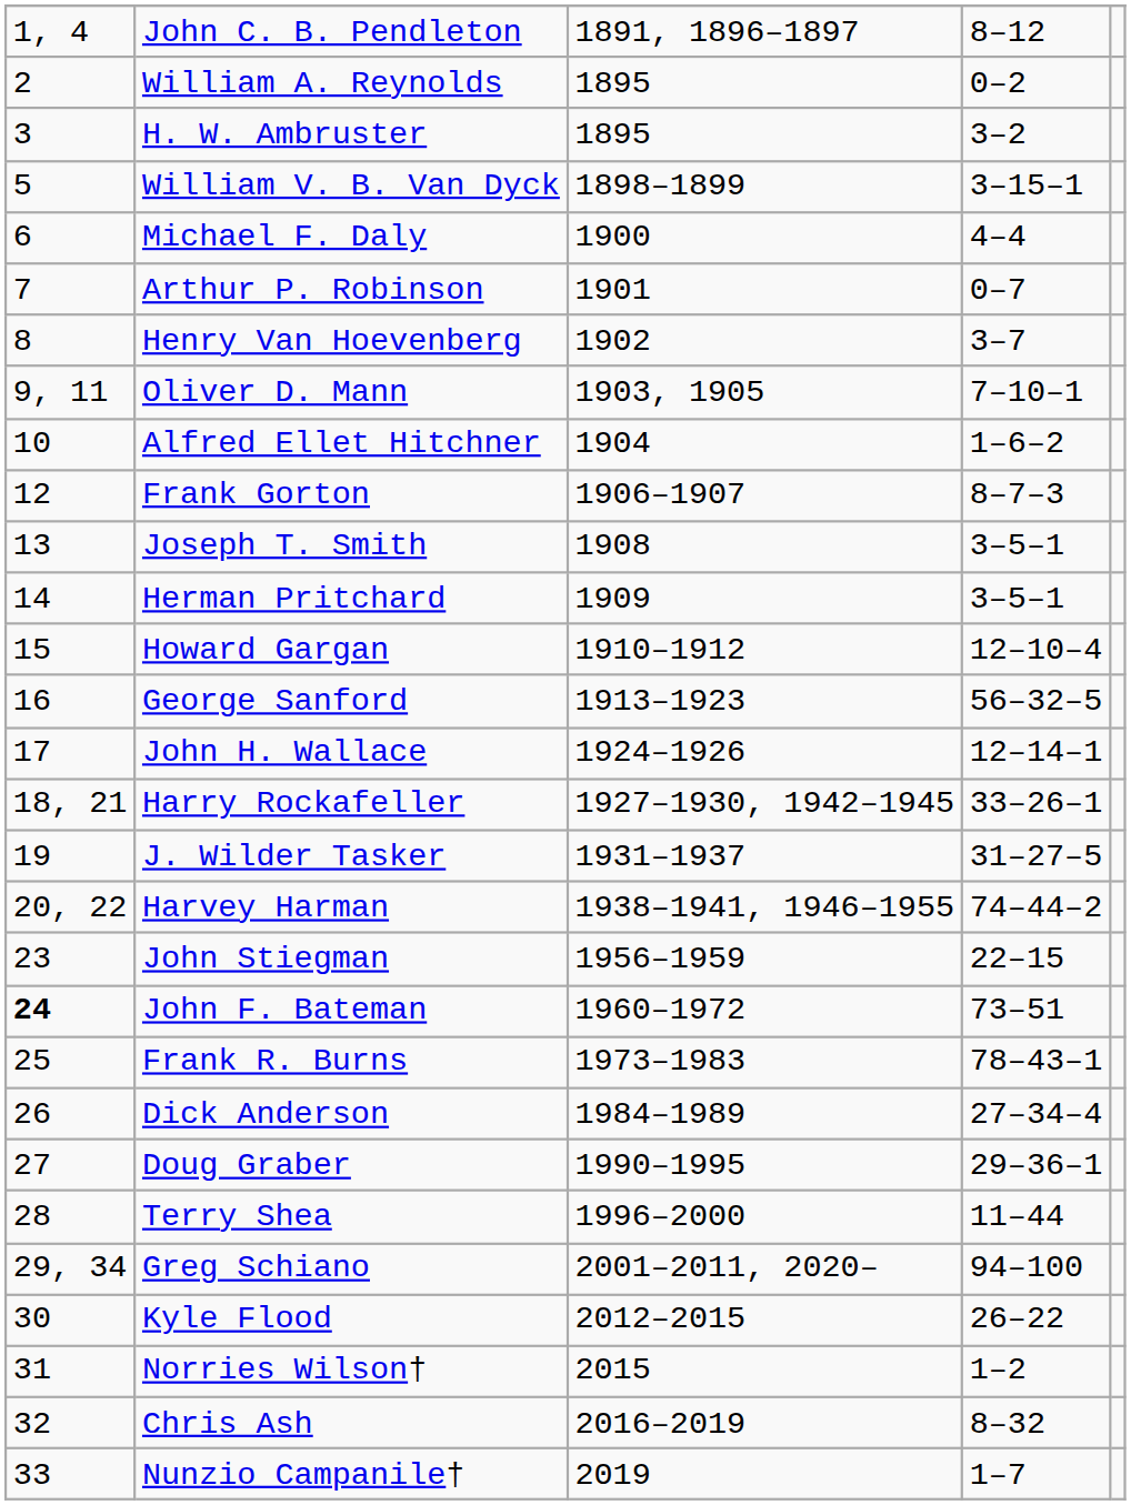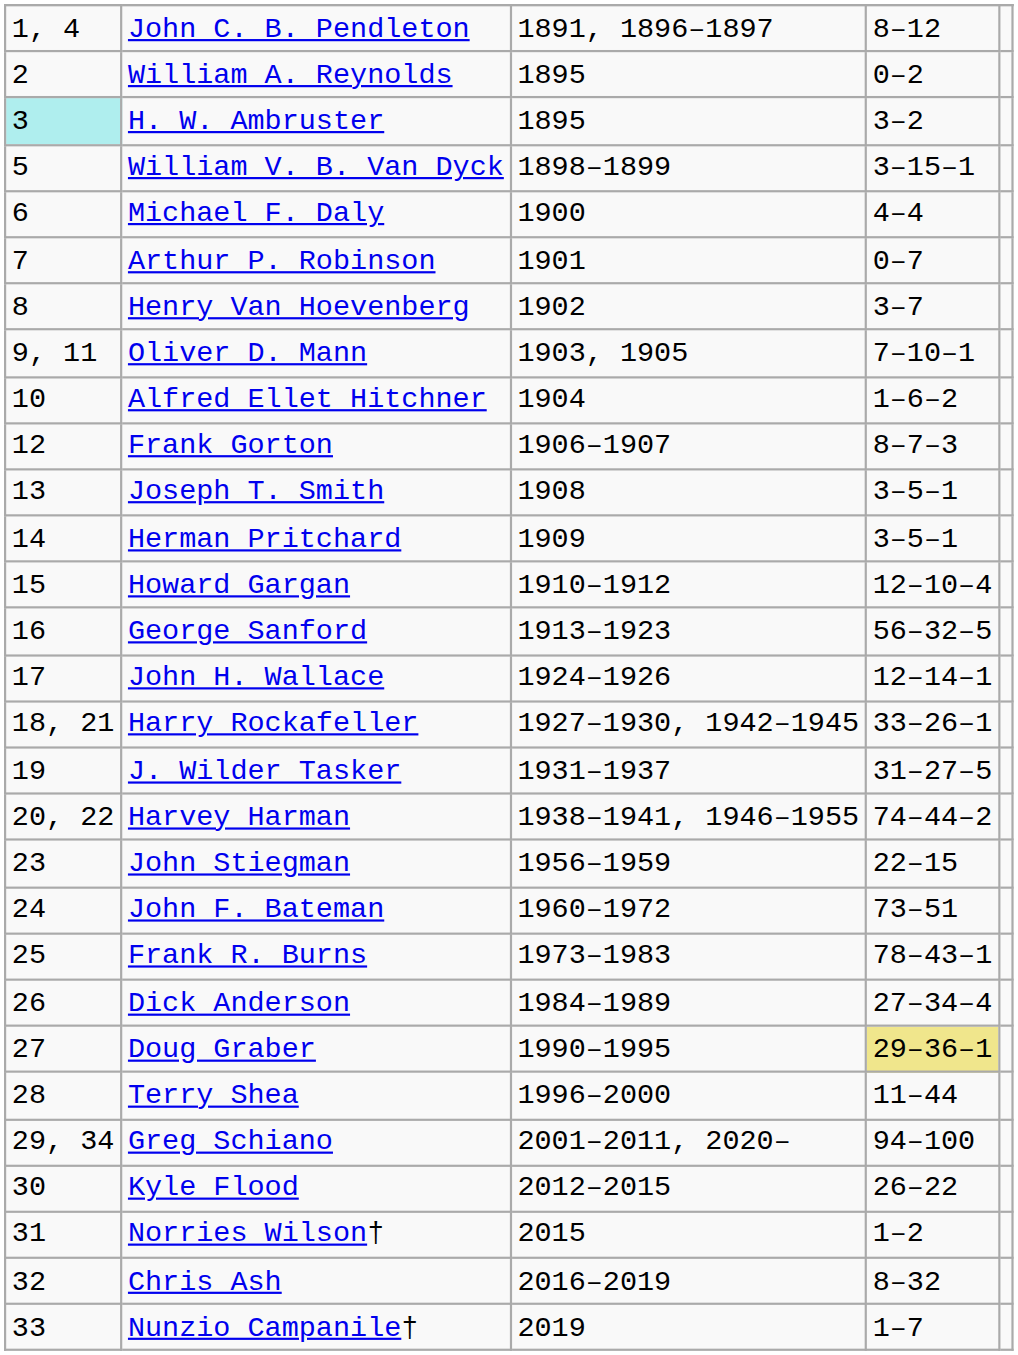 <table class="wikitable">
 <tr>
 </tr>
 <tr>
 <td>1, 4</td>
 <td><a href='#'>John C. B. Pendleton</a></td>
 <td>1891, 1896–1897</td>
 <td>8–12</td>
 <td></td>
 </tr>
 <tr>
 <td>2</td>
 <td><a href='#'>William A. Reynolds</a></td>
 <td>1895</td>
 <td>0–2</td>
 <td></td>
 </tr>
 <tr>
-<td>3</td>
+<td style="background: paleturquoise;">3</td>
 <td><a href='#'>H. W. Ambruster</a></td>
 <td>1895</td>
 <td>3–2</td>
 <td></td>
 </tr>
 <tr>
 <td>5</td>
 <td><a href='#'>William V. B. Van Dyck</a></td>
 <td>1898–1899</td>
 <td>3–15–1</td>
 <td></td>
 </tr>
 <tr>
 <td>6</td>
 <td><a href='#'>Michael F. Daly</a></td>
 <td>1900</td>
 <td>4–4</td>
 <td></td>
 </tr>
 <tr>
 <td>7</td>
 <td><a href='#'>Arthur P. Robinson</a></td>
 <td>1901</td>
 <td>0–7</td>
 <td></td>
 </tr>
 <tr>
 <td>8</td>
 <td><a href='#'>Henry Van Hoevenberg</a></td>
 <td>1902</td>
 <td>3–7</td>
 <td></td>
 </tr>
 <tr>
 <td>9, 11</td>
 <td><a href='#'>Oliver D. Mann</a></td>
 <td>1903, 1905</td>
 <td>7–10–1</td>
 <td></td>
 </tr>
 <tr>
 <td>10</td>
 <td><a href='#'>Alfred Ellet Hitchner</a></td>
 <td>1904</td>
 <td>1–6–2</td>
 <td></td>
 </tr>
 <tr>
 <td>12</td>
 <td><a href='#'>Frank Gorton</a></td>
 <td>1906–1907</td>
 <td>8–7–3</td>
 <td></td>
 </tr>
 <tr>
 <td>13</td>
 <td><a href='#'>Joseph T. Smith</a></td>
 <td>1908</td>
 <td>3–5–1</td>
 <td></td>
 </tr>
 <tr>
 <td>14</td>
 <td><a href='#'>Herman Pritchard</a></td>
 <td>1909</td>
 <td>3–5–1</td>
 <td></td>
 </tr>
 <tr>
 <td>15</td>
 <td><a href='#'>Howard Gargan</a></td>
 <td>1910–1912</td>
 <td>12–10–4</td>
 <td></td>
 </tr>
 <tr>
 <td>16</td>
 <td><a href='#'>George Sanford</a></td>
 <td>1913–1923</td>
 <td>56–32–5</td>
 <td></td>
 </tr>
 <tr>
 <td>17</td>
 <td><a href='#'>John H. Wallace</a></td>
 <td>1924–1926</td>
 <td>12–14–1</td>
 <td></td>
 </tr>
 <tr>
 <td>18, 21</td>
 <td><a href='#'>Harry Rockafeller</a></td>
 <td>1927–1930, 1942–1945</td>
 <td>33–26–1</td>
 <td></td>
 </tr>
 <tr>
 <td>19</td>
 <td><a href='#'>J. Wilder Tasker</a></td>
 <td>1931–1937</td>
 <td>31–27–5</td>
 <td></td>
 </tr>
 <tr>
 <td>20, 22</td>
 <td><a href='#'>Harvey Harman</a></td>
 <td>1938–1941, 1946–1955</td>
 <td>74–44–2</td>
 <td></td>
 </tr>
 <tr>
 <td>23</td>
 <td><a href='#'>John Stiegman</a></td>
 <td>1956–1959</td>
 <td>22–15</td>
 <td></td>
 </tr>
 <tr>
-<td><strong>24</strong></td>
+<td>24</td>
 <td><a href='#'>John F. Bateman</a></td>
 <td>1960–1972</td>
 <td>73–51</td>
 <td></td>
 </tr>
 <tr>
 <td>25</td>
 <td><a href='#'>Frank R. Burns</a></td>
 <td>1973–1983</td>
 <td>78–43–1</td>
 <td></td>
 </tr>
 <tr>
 <td>26</td>
 <td><a href='#'>Dick Anderson</a></td>
 <td>1984–1989</td>
 <td>27–34–4</td>
 <td></td>
 </tr>
 <tr>
 <td>27</td>
 <td><a href='#'>Doug Graber</a></td>
 <td>1990–1995</td>
-<td>29–36–1</td>
+<td style="background: khaki;">29–36–1</td>
 <td></td>
 </tr>
 <tr>
 <td>28</td>
 <td><a href='#'>Terry Shea</a></td>
 <td>1996–2000</td>
 <td>11–44</td>
 <td></td>
 </tr>
 <tr>
 <td>29, 34</td>
 <td><a href='#'>Greg Schiano</a></td>
 <td>2001–2011, 2020–</td>
 <td>94–100</td>
 <td> </td>
 </tr>
 <tr>
 <td>30</td>
 <td><a href='#'>Kyle Flood</a></td>
 <td>2012–2015</td>
 <td>26–22</td>
 <td></td>
 </tr>
 <tr>
 <td>31</td>
 <td><a href='#'>Norries Wilson</a>†</td>
 <td>2015</td>
 <td>1–2</td>
 <td></td>
 </tr>
 <tr>
 <td>32</td>
 <td><a href='#'>Chris Ash</a></td>
 <td>2016–2019</td>
 <td>8–32</td>
 <td></td>
 </tr>
 <tr>
 <td>33</td>
 <td><a href='#'>Nunzio Campanile</a>†</td>
 <td>2019</td>
 <td>1–7</td>
 <td></td>
 </tr>
 </table>
